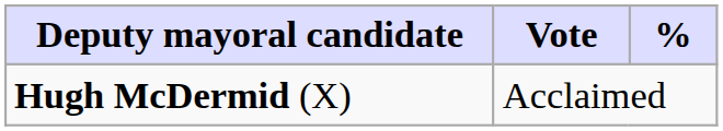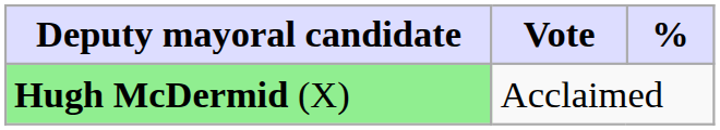 <table class="wikitable">
 <tr>
 <th style="background:#ddf; width:200px;">Deputy mayoral candidate</th>
 <th style="background:#ddf; width:50px;">Vote</th>
 <th style="background:#ddf; width:30px;">%</th>
 </tr>
 <tr>
-<td><strong>Hugh McDermid</strong> (X)</td>
+<td style="background: lightgreen;"><strong>Hugh McDermid</strong> (X)</td>
 <td colspan="2">Acclaimed</td>
 </tr>
 </table>
